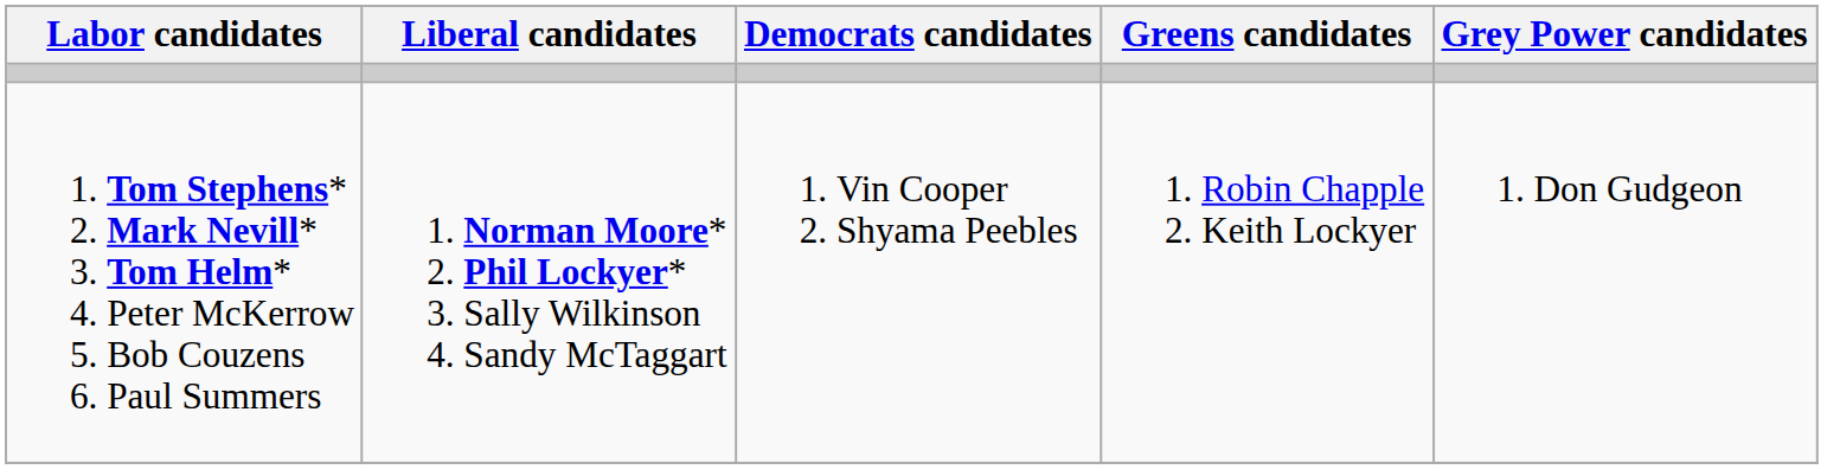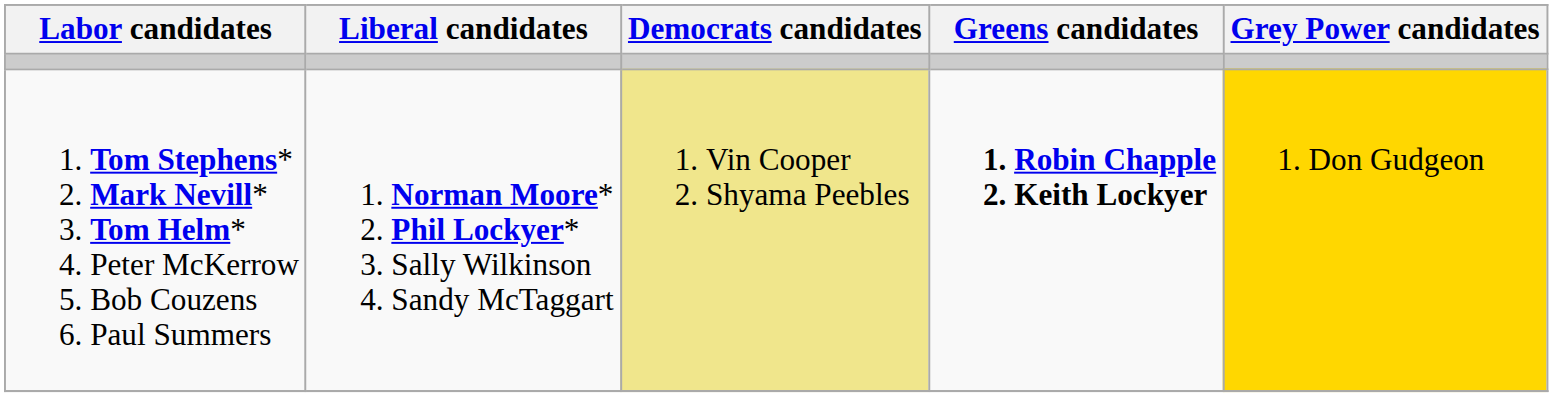 <table class="wikitable">
 <tr>
 <th><a href='#'>Labor</a> candidates</th>
 <th><a href='#'>Liberal</a> candidates</th>
 <th><a href='#'>Democrats</a> candidates</th>
 <th><a href='#'>Greens</a> candidates</th>
 <th><a href='#'>Grey Power</a> candidates</th>
 </tr>
 <tr bgcolor="#cccccc">
 <td></td>
 <td></td>
 <td></td>
 <td></td>
 <td></td>
 </tr>
 <tr>
 <td><br><ol><li><strong><a href='#'>Tom Stephens</a></strong>*</li><li><strong><a href='#'>Mark Nevill</a></strong>*</li><li><strong><a href='#'>Tom Helm</a></strong>*</li><li>Peter McKerrow</li><li>Bob Couzens</li><li>Paul Summers</li></ol></td>
 <td><br><ol><li><strong><a href='#'>Norman Moore</a></strong>*</li><li><strong><a href='#'>Phil Lockyer</a></strong>*</li><li>Sally Wilkinson</li><li>Sandy McTaggart</li></ol></td>
-<td valign=top><br><ol><li>Vin Cooper</li><li>Shyama Peebles</li></ol></td>
-<td valign=top><br><ol><li><a href='#'>Robin Chapple</a></li><li>Keith Lockyer</li></ol></td>
-<td valign=top><br><ol><li>Don Gudgeon</li></ol></td>
+<td valign=top style="background: khaki;"><br><ol><li>Vin Cooper</li><li>Shyama Peebles</li></ol></td>
+<td valign=top><strong><br><ol><li><a href='#'>Robin Chapple</a></li><li>Keith Lockyer</li></ol></strong></td>
+<td valign=top style="background: gold;"><br><ol><li>Don Gudgeon</li></ol></td>
 </tr>
 <tr>
 </tr>
 </table>
